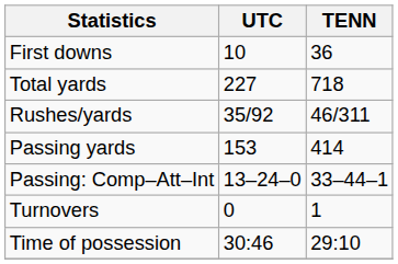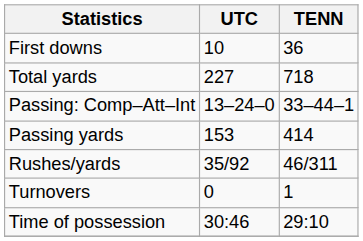 <table class="wikitable" style="float: left;">
 <tr>
 <th>Statistics</th>
 <th>UTC</th>
 <th>TENN</th>
 </tr>
 <tr>
 <td>First downs</td>
 <td>10</td>
 <td>36</td>
 </tr>
 <tr>
 <td>Total yards</td>
 <td>227</td>
 <td>718</td>
 </tr>
 <tr>
-<td>Rushes/yards</td>
-<td>35/92</td>
-<td>46/311</td>
+<td>Passing: Comp–Att–Int</td>
+<td>13–24–0</td>
+<td>33–44–1</td>
 </tr>
 <tr>
 <td>Passing yards</td>
 <td>153</td>
 <td>414</td>
 </tr>
 <tr>
-<td>Passing: Comp–Att–Int</td>
-<td>13–24–0</td>
-<td>33–44–1</td>
+<td>Rushes/yards</td>
+<td>35/92</td>
+<td>46/311</td>
 </tr>
 <tr>
 <td>Turnovers</td>
 <td>0</td>
 <td>1</td>
 </tr>
 <tr>
 <td>Time of possession</td>
 <td>30:46</td>
 <td>29:10</td>
 </tr>
 <tr>
 </tr>
 </table>
